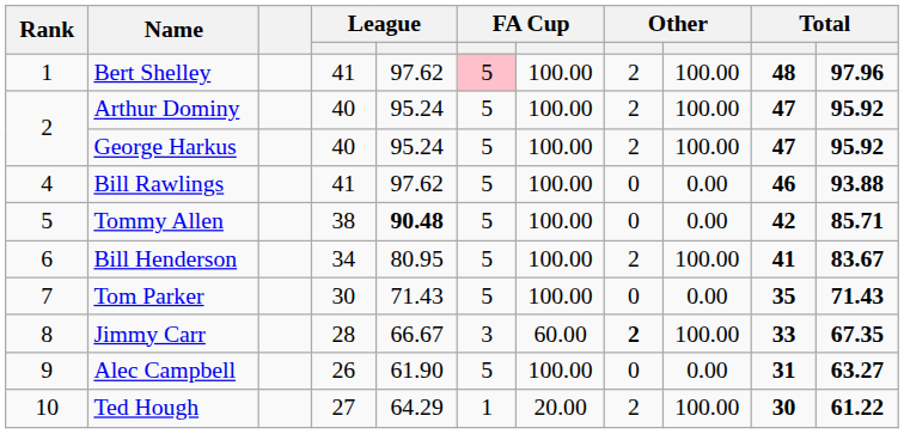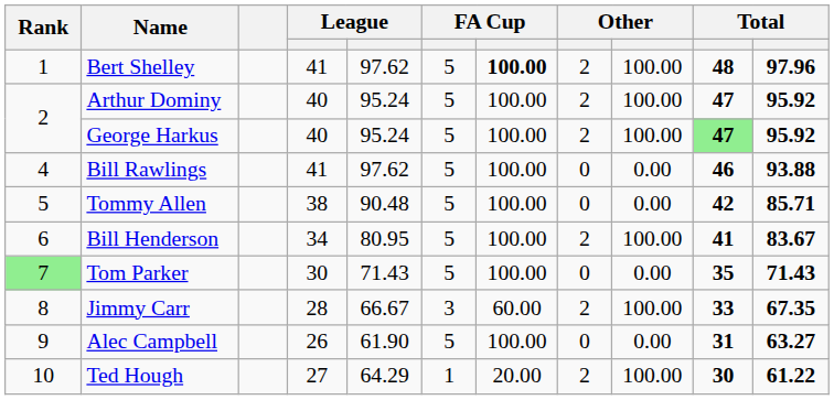 <table class="wikitable plainrowheaders" style="text-align:center;">
 <tr>
 <th scope="col" rowspan="2" style="width:4em;">Rank</th>
 <th scope="col" rowspan="2" style="width:10em;">Name</th>
 <th scope="col" rowspan="2" style="width:4em;"></th>
 <th scope="col" colspan="2">League</th>
 <th scope="col" colspan="2">FA Cup</th>
 <th scope="col" colspan="2">Other</th>
 <th scope="col" colspan="2">Total</th>
 </tr>
 <tr>
 <th scope="col" style="width:4em;"></th>
 <th scope="col" style="width:4em;"></th>
 <th scope="col" style="width:4em;"></th>
 <th scope="col" style="width:4em;"></th>
 <th scope="col" style="width:4em;"></th>
 <th scope="col" style="width:4em;"></th>
 <th scope="col" style="width:4em;"></th>
 <th scope="col" style="width:4em;"></th>
 </tr>
 <tr>
 <td>1</td>
 <td align="left"><a href='#'>Bert Shelley</a></td>
 <td></td>
 <td>41</td>
 <td>97.62</td>
-<td style="background: pink;">5</td>
-<td>100.00</td>
+<td>5</td>
+<td><strong>100.00</strong></td>
 <td>2</td>
 <td>100.00</td>
 <td><strong>48</strong></td>
 <td><strong>97.96</strong></td>
 </tr>
 <tr>
 <td rowspan="2">2</td>
 <td align="left"><a href='#'>Arthur Dominy</a></td>
 <td></td>
 <td>40</td>
 <td>95.24</td>
 <td>5</td>
 <td>100.00</td>
 <td>2</td>
 <td>100.00</td>
 <td><strong>47</strong></td>
 <td><strong>95.92</strong></td>
 </tr>
 <tr>
 <td align="left"><a href='#'>George Harkus</a></td>
 <td></td>
 <td>40</td>
 <td>95.24</td>
 <td>5</td>
 <td>100.00</td>
 <td>2</td>
 <td>100.00</td>
-<td><strong>47</strong></td>
+<td style="background: lightgreen;"><strong>47</strong></td>
 <td><strong>95.92</strong></td>
 </tr>
 <tr>
 <td>4</td>
 <td align="left"><a href='#'>Bill Rawlings</a></td>
 <td></td>
 <td>41</td>
 <td>97.62</td>
 <td>5</td>
 <td>100.00</td>
 <td>0</td>
 <td>0.00</td>
 <td><strong>46</strong></td>
 <td><strong>93.88</strong></td>
 </tr>
 <tr>
 <td>5</td>
 <td align="left"><a href='#'>Tommy Allen</a></td>
 <td></td>
 <td>38</td>
-<td><strong>90.48</strong></td>
+<td>90.48</td>
 <td>5</td>
 <td>100.00</td>
 <td>0</td>
 <td>0.00</td>
 <td><strong>42</strong></td>
 <td><strong>85.71</strong></td>
 </tr>
 <tr>
 <td>6</td>
 <td align="left"><a href='#'>Bill Henderson</a></td>
 <td></td>
 <td>34</td>
 <td>80.95</td>
 <td>5</td>
 <td>100.00</td>
 <td>2</td>
 <td>100.00</td>
 <td><strong>41</strong></td>
 <td><strong>83.67</strong></td>
 </tr>
 <tr>
-<td>7</td>
+<td style="background: lightgreen;">7</td>
 <td align="left"><a href='#'>Tom Parker</a></td>
 <td></td>
 <td>30</td>
 <td>71.43</td>
 <td>5</td>
 <td>100.00</td>
 <td>0</td>
 <td>0.00</td>
 <td><strong>35</strong></td>
 <td><strong>71.43</strong></td>
 </tr>
 <tr>
 <td>8</td>
 <td align="left"><a href='#'>Jimmy Carr</a></td>
 <td></td>
 <td>28</td>
 <td>66.67</td>
 <td>3</td>
 <td>60.00</td>
-<td><strong>2</strong></td>
+<td>2</td>
 <td>100.00</td>
 <td><strong>33</strong></td>
 <td><strong>67.35</strong></td>
 </tr>
 <tr>
 <td>9</td>
 <td align="left"><a href='#'>Alec Campbell</a></td>
 <td></td>
 <td>26</td>
 <td>61.90</td>
 <td>5</td>
 <td>100.00</td>
 <td>0</td>
 <td>0.00</td>
 <td><strong>31</strong></td>
 <td><strong>63.27</strong></td>
 </tr>
 <tr>
 <td>10</td>
 <td align="left"><a href='#'>Ted Hough</a></td>
 <td></td>
 <td>27</td>
 <td>64.29</td>
 <td>1</td>
 <td>20.00</td>
 <td>2</td>
 <td>100.00</td>
 <td><strong>30</strong></td>
 <td><strong>61.22</strong></td>
 </tr>
 </table>
